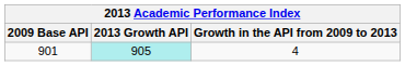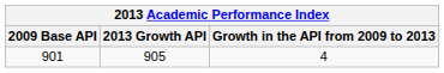 <table class="wikitable" style="text-align:center">
 <tr>
 <th colspan="3">2013 <a href='#'>Academic Performance Index</a></th>
 </tr>
 <tr>
 <th>2009 Base API</th>
 <th>2013 Growth API</th>
 <th>Growth in the API from 2009 to 2013</th>
 </tr>
 <tr>
 <td>901</td>
-<td style="background: paleturquoise;">905</td>
+<td>905</td>
 <td>4</td>
 </tr>
 </table>
